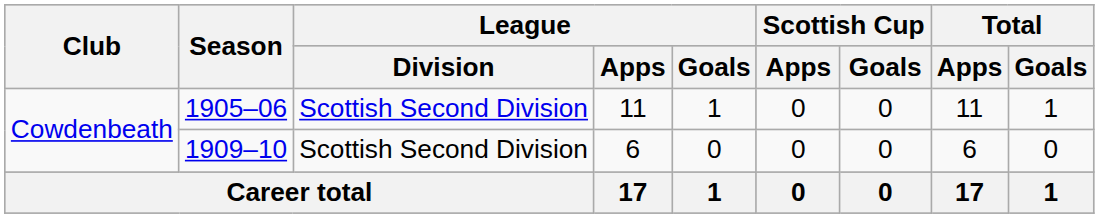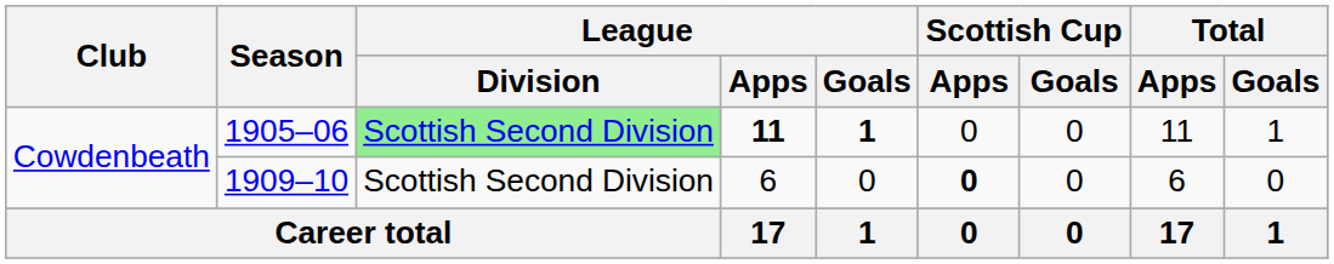 <table class="wikitable" style="text-align: center;">
 <tr>
 <th rowspan="2">Club</th>
 <th rowspan="2">Season</th>
 <th colspan="3">League</th>
 <th colspan="2">Scottish Cup</th>
 <th colspan="2">Total</th>
 </tr>
 <tr>
 <th>Division</th>
 <th>Apps</th>
 <th>Goals</th>
 <th>Apps</th>
 <th>Goals</th>
 <th>Apps</th>
 <th>Goals</th>
 </tr>
 <tr>
 <td rowspan="2"><a href='#'>Cowdenbeath</a></td>
 <td><a href='#'>1905–06</a></td>
-<td><a href='#'>Scottish Second Division</a></td>
-<td>11</td>
-<td>1</td>
+<td style="background: lightgreen;"><a href='#'>Scottish Second Division</a></td>
+<td><strong>11</strong></td>
+<td><strong>1</strong></td>
 <td>0</td>
 <td>0</td>
 <td>11</td>
 <td>1</td>
 </tr>
 <tr>
 <td><a href='#'>1909–10</a></td>
 <td>Scottish Second Division</td>
 <td>6</td>
 <td>0</td>
-<td>0</td>
+<td><strong>0</strong></td>
 <td>0</td>
 <td>6</td>
 <td>0</td>
 </tr>
 <tr>
 <th colspan="3">Career total</th>
 <th>17</th>
 <th>1</th>
 <th>0</th>
 <th>0</th>
 <th>17</th>
 <th>1</th>
 </tr>
 </table>
